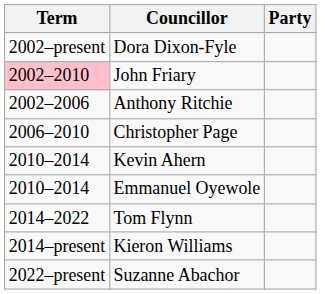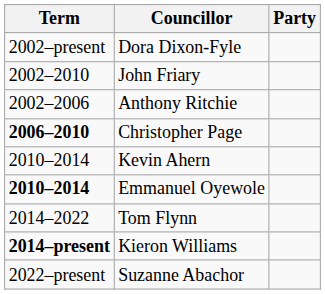 <table class="wikitable">
 <tr>
 <th>Term</th>
 <th>Councillor</th>
 <th colspan=2>Party</th>
 </tr>
 <tr>
 <td>2002–present</td>
 <td>Dora Dixon-Fyle</td>
 <td></td>
 </tr>
 <tr>
-<td style="background: pink;">2002–2010</td>
+<td>2002–2010</td>
 <td>John Friary</td>
 <td></td>
 </tr>
 <tr>
 <td>2002–2006</td>
 <td>Anthony Ritchie</td>
 <td></td>
 </tr>
 <tr>
-<td>2006–2010</td>
+<td><strong>2006–2010</strong></td>
 <td>Christopher Page</td>
 <td></td>
 </tr>
 <tr>
 <td>2010–2014</td>
 <td>Kevin Ahern</td>
 <td></td>
 </tr>
 <tr>
-<td>2010–2014</td>
+<td><strong>2010–2014</strong></td>
 <td>Emmanuel Oyewole</td>
 <td></td>
 </tr>
 <tr>
 <td>2014–2022</td>
 <td>Tom Flynn</td>
 <td></td>
 </tr>
 <tr>
-<td>2014–present</td>
+<td><strong>2014–present</strong></td>
 <td>Kieron Williams</td>
 <td></td>
 </tr>
 <tr>
 <td>2022–present</td>
 <td>Suzanne Abachor</td>
 <td></td>
 </tr>
 </table>
